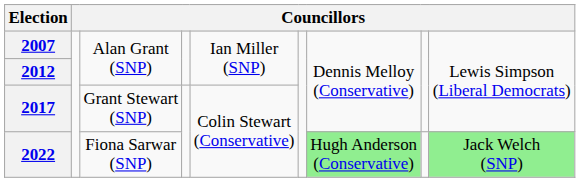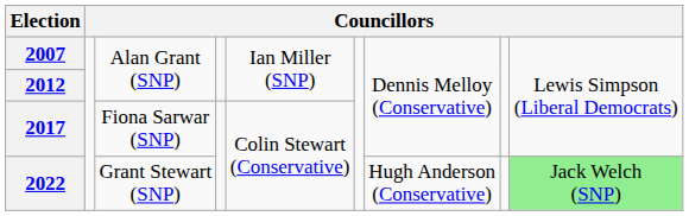 <table class="wikitable" style="text-align:center">
 <tr>
 <th>Election</th>
 <th colspan=8>Councillors</th>
 </tr>
 <tr>
 <th><a href='#'>2007</a></th>
 <td rowspan=4; style="background-color: "></td>
 <td rowspan=2>Alan Grant<br>(<a href='#'>SNP</a>)</td>
 <td rowspan=2; style="background-color: "></td>
 <td rowspan=2>Ian Miller<br>(<a href='#'>SNP</a>)</td>
 <td rowspan=4; style="background-color: "></td>
 <td rowspan=3>Dennis Melloy<br>(<a href='#'>Conservative</a>)</td>
 <td rowspan=3; style="background-color: "></td>
 <td rowspan=3>Lewis Simpson<br>(<a href='#'>Liberal Democrats</a>)</td>
 </tr>
 <tr>
 <th><a href='#'>2012</a></th>
 </tr>
 <tr>
 <th><a href='#'>2017</a></th>
-<td rowspan=1>Grant Stewart<br>(<a href='#'>SNP</a>)</td>
+<td rowspan=1>Fiona Sarwar<br>(<a href='#'>SNP</a>)</td>
 <td rowspan=2; style="background-color: "></td>
 <td rowspan=2>Colin Stewart<br>(<a href='#'>Conservative</a>)</td>
 </tr>
 <tr>
 <th><a href='#'>2022</a></th>
-<td rowspan=1>Fiona Sarwar<br>(<a href='#'>SNP</a>)</td>
-<td rowspan=1 style="background: lightgreen;">Hugh Anderson<br>(<a href='#'>Conservative</a>)</td>
+<td rowspan=1>Grant Stewart<br>(<a href='#'>SNP</a>)</td>
+<td rowspan=1>Hugh Anderson<br>(<a href='#'>Conservative</a>)</td>
 <td rowspan=1; style="background-color: "></td>
 <td rowspan=1 style="background: lightgreen;">Jack Welch<br>(<a href='#'>SNP</a>)</td>
 </tr>
 </table>
